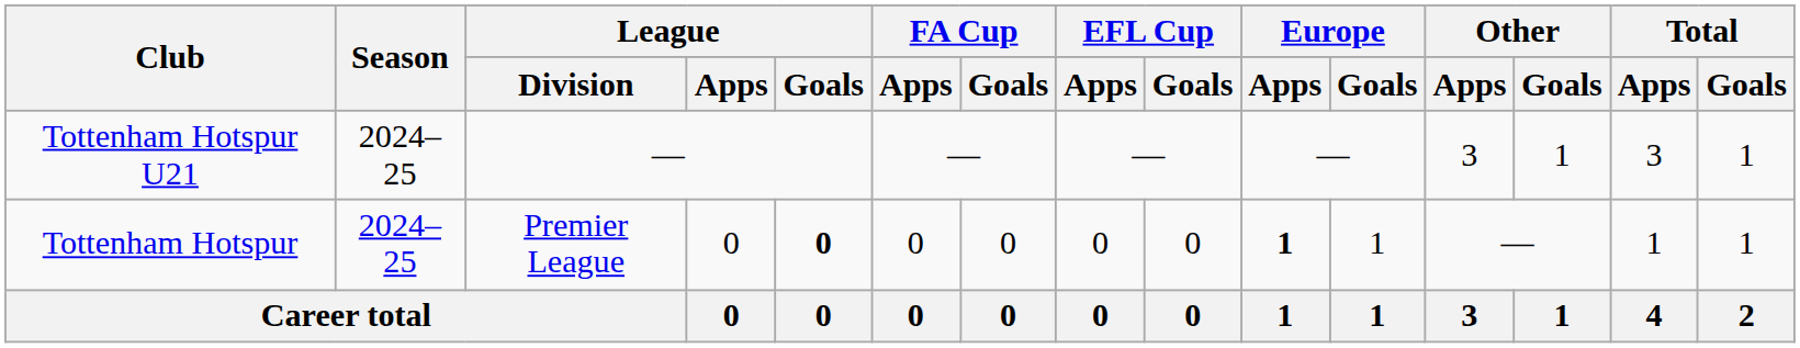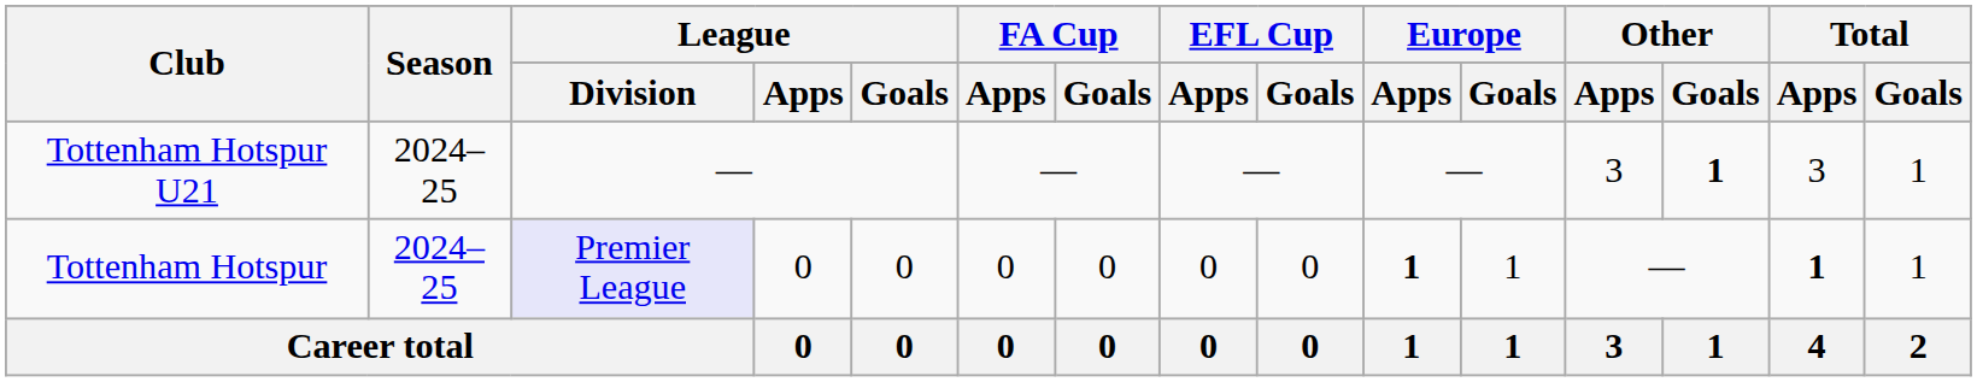 <table class="wikitable" style="text-align: center;">
 <tr>
 <th rowspan="2">Club</th>
 <th rowspan="2">Season</th>
 <th colspan="3">League</th>
 <th colspan="2"><a href='#'>FA Cup</a></th>
 <th colspan="2"><a href='#'>EFL Cup</a></th>
 <th colspan="2"><a href='#'>Europe</a></th>
 <th colspan="2">Other</th>
 <th colspan="2">Total</th>
 </tr>
 <tr>
 <th>Division</th>
 <th>Apps</th>
 <th>Goals</th>
 <th>Apps</th>
 <th>Goals</th>
 <th>Apps</th>
 <th>Goals</th>
 <th>Apps</th>
 <th>Goals</th>
 <th>Apps</th>
 <th>Goals</th>
 <th>Apps</th>
 <th>Goals</th>
 </tr>
 <tr>
 <td><a href='#'>Tottenham Hotspur U21</a></td>
 <td>2024–25</td>
 <td colspan="3">—</td>
 <td colspan="2">—</td>
 <td colspan="2">—</td>
 <td colspan="2">—</td>
 <td>3</td>
-<td>1</td>
+<td><strong>1</strong></td>
 <td>3</td>
 <td>1</td>
 </tr>
 <tr>
 <td><a href='#'>Tottenham Hotspur</a></td>
 <td><a href='#'>2024–25</a></td>
-<td><a href='#'>Premier League</a></td>
+<td style="background: lavender;"><a href='#'>Premier League</a></td>
 <td>0</td>
-<td><strong>0</strong></td>
+<td>0</td>
 <td>0</td>
 <td>0</td>
 <td>0</td>
 <td>0</td>
 <td><strong>1</strong></td>
 <td>1</td>
 <td colspan="2">—</td>
-<td>1</td>
+<td><strong>1</strong></td>
 <td>1</td>
 </tr>
 <tr>
 <th colspan="3">Career total</th>
 <th>0</th>
 <th>0</th>
 <th>0</th>
 <th>0</th>
 <th>0</th>
 <th>0</th>
 <th>1</th>
 <th>1</th>
 <th>3</th>
 <th>1</th>
 <th>4</th>
 <th>2</th>
 </tr>
 </table>
